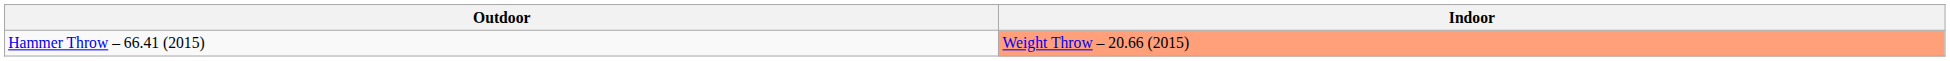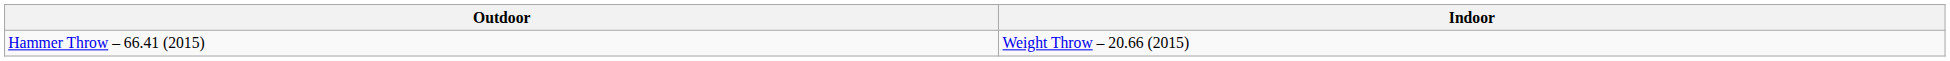 <table class="wikitable" style="font-size:95%; width: 95%;">
 <tr>
 <th>Outdoor</th>
 <th>Indoor</th>
 </tr>
 <tr>
 <td><a href='#'>Hammer Throw</a> – 66.41 (2015)</td>
-<td style="background: lightsalmon;"><a href='#'>Weight Throw</a> – 20.66 (2015)</td>
+<td><a href='#'>Weight Throw</a> – 20.66 (2015)</td>
 </tr>
 </table>
